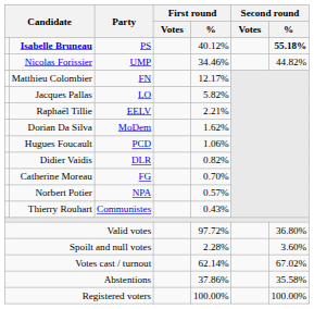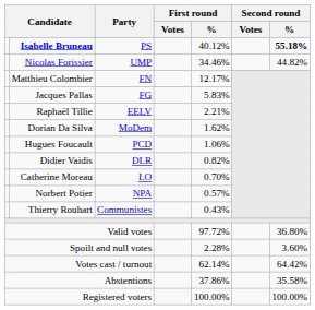 <table class="wikitable" style="text-align:right;font-size:95%;">
 <tr>
 <th rowspan=2 colspan=2>Candidate</th>
 <th rowspan=2 colspan=1>Party</th>
 <th colspan=2>First round</th>
 <th colspan=2>Second round</th>
 </tr>
 <tr>
 <th style="width:50px;">Votes</th>
 <th style="width:55px;">%</th>
 <th style="width:50px;">Votes</th>
 <th style="width:55px;">%</th>
 </tr>
 <tr>
 <td style="color:inherit;background-color:"></td>
 <td><strong><a href='#'>Isabelle Bruneau</a></strong></td>
 <td><a href='#'>PS</a></td>
 <td></td>
 <td>40.12%</td>
 <td><strong></strong></td>
 <td><strong>55.18%</strong></td>
 </tr>
 <tr>
 <td style="color:inherit;background-color:"></td>
 <td><a href='#'>Nicolas Forissier</a></td>
 <td><a href='#'>UMP</a></td>
 <td></td>
 <td>34.46%</td>
 <td></td>
 <td>44.82%</td>
 </tr>
 <tr>
 <td style="color:inherit;background-color:"></td>
 <td>Matthieu Colombier</td>
 <td><a href='#'>FN</a></td>
 <td></td>
 <td>12.17%</td>
 <td colspan=7 rowspan=9 style="background-color:#E9E9E9;"></td>
 </tr>
 <tr>
 <td style="color:inherit;background-color:"></td>
 <td>Jacques Pallas</td>
-<td><a href='#'>LO</a></td>
+<td><a href='#'>FG</a></td>
 <td></td>
-<td>5.82%</td>
+<td>5.83%</td>
 </tr>
 <tr>
 <td style="color:inherit;background-color:"></td>
 <td>Raphaël Tillie</td>
 <td><a href='#'>EELV</a></td>
 <td></td>
 <td>2.21%</td>
 </tr>
 <tr>
 <td style="color:inherit;background-color:"></td>
 <td>Dorian Da Silva</td>
 <td><a href='#'>MoDem</a></td>
 <td></td>
 <td>1.62%</td>
 </tr>
 <tr>
 <td style="color:inherit;background-color:"></td>
 <td>Hugues Foucault</td>
 <td><a href='#'>PCD</a></td>
 <td></td>
 <td>1.06%</td>
 </tr>
 <tr>
 <td style="color:inherit;background-color:"></td>
 <td>Didier Vaidis</td>
 <td><a href='#'>DLR</a></td>
 <td></td>
 <td>0.82%</td>
 </tr>
 <tr>
 <td style="color:inherit;background-color:"></td>
 <td>Catherine Moreau</td>
-<td><a href='#'>FG</a></td>
+<td><a href='#'>LO</a></td>
 <td></td>
 <td>0.70%</td>
 </tr>
 <tr>
 <td style="color:inherit;background-color:"></td>
 <td>Norbert Potier</td>
 <td><a href='#'>NPA</a></td>
 <td></td>
 <td>0.57%</td>
 </tr>
 <tr>
 <td style="color:inherit;background-color:"></td>
 <td>Thierry Rouhart</td>
 <td><a href='#'>Communistes</a></td>
 <td></td>
 <td>0.43%</td>
 </tr>
 <tr>
 <td colspan=7 style="background-color:#E9E9E9;"></td>
 </tr>
 <tr>
 <td colspan=3>Valid votes</td>
 <td></td>
 <td>97.72%</td>
 <td></td>
 <td>36.80%</td>
 </tr>
 <tr>
 <td colspan=3>Spoilt and null votes</td>
 <td></td>
 <td>2.28%</td>
 <td></td>
 <td>3.60%</td>
 </tr>
 <tr>
 <td colspan=3>Votes cast / turnout</td>
 <td></td>
 <td>62.14%</td>
 <td></td>
-<td>67.02%</td>
+<td>64.42%</td>
 </tr>
 <tr>
 <td colspan=3>Abstentions</td>
 <td></td>
 <td>37.86%</td>
 <td></td>
 <td>35.58%</td>
 </tr>
 <tr>
 <td colspan=3>Registered voters</td>
 <td></td>
 <td>100.00%</td>
 <td></td>
 <td>100.00%</td>
 </tr>
 </table>
